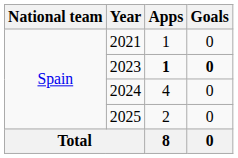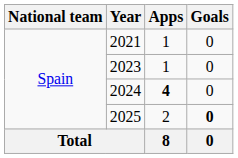 <table class=wikitable style="text-align: center">
 <tr>
 <th>National team</th>
 <th>Year</th>
 <th>Apps</th>
 <th>Goals</th>
 </tr>
 <tr>
 <td rowspan="4"><a href='#'>Spain</a></td>
 <td>2021</td>
 <td>1</td>
 <td>0</td>
 </tr>
 <tr>
 <td>2023</td>
-<td><strong>1</strong></td>
-<td><strong>0</strong></td>
+<td>1</td>
+<td>0</td>
 </tr>
 <tr>
 <td>2024</td>
-<td>4</td>
+<td><strong>4</strong></td>
 <td>0</td>
 </tr>
 <tr>
 <td>2025</td>
 <td>2</td>
-<td>0</td>
+<td><strong>0</strong></td>
 </tr>
 <tr>
 <th colspan="2">Total</th>
 <th>8</th>
 <th>0</th>
 </tr>
 </table>
